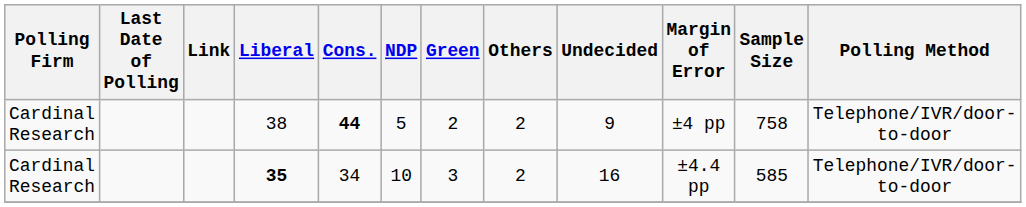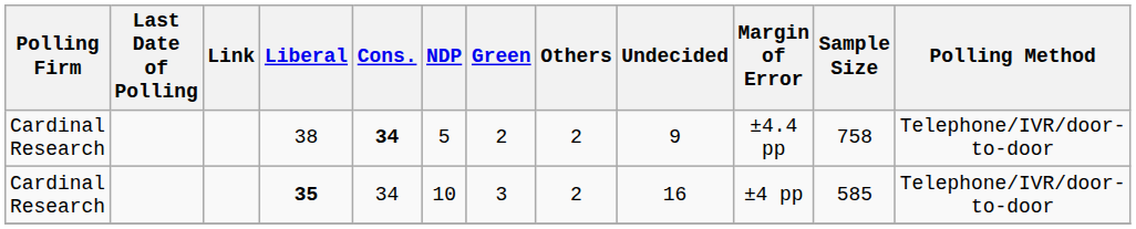 <table class="wikitable sortable" style="text-align:center;font-size:90%;line-height:14px;">
 <tr style="background:#e9e9e9;">
 <th style="width:120px">Polling Firm</th>
 <th style="width:110px">Last Date<br>of Polling</th>
 <th style="width:60px" class="unsortable">Link</th>
 <th style="background-color:"><a href='#'>Liberal</a></th>
 <th style="background-color:"><a href='#'>Cons.</a></th>
 <th style="background-color:"><a href='#'>NDP</a></th>
 <th style="background-color:"><a href='#'>Green</a></th>
 <th style="background-color:">Others</th>
 <th style="background-color:">Undecided</th>
 <th style="width:60px;" class=unsortable>Margin<br>of Error</th>
 <th style="width:50px;" class=unsortable>Sample<br>Size</th>
 <th class=unsortable>Polling Method</th>
 </tr>
 <tr>
 <td>Cardinal Research</td>
 <td></td>
 <td></td>
 <td>38</td>
-<td><strong>44</strong></td>
+<td><strong>34</strong></td>
 <td>5</td>
 <td>2</td>
 <td>2</td>
 <td>9</td>
-<td>±4 pp</td>
+<td>±4.4 pp</td>
 <td>758</td>
 <td>Telephone/IVR/door-to-door</td>
 </tr>
 <tr>
 <td>Cardinal Research</td>
 <td></td>
 <td></td>
 <td><strong>35</strong></td>
 <td>34</td>
 <td>10</td>
 <td>3</td>
 <td>2</td>
 <td>16</td>
-<td>±4.4 pp</td>
+<td>±4 pp</td>
 <td>585</td>
 <td>Telephone/IVR/door-to-door</td>
 </tr>
 <tr>
 </tr>
 </table>
